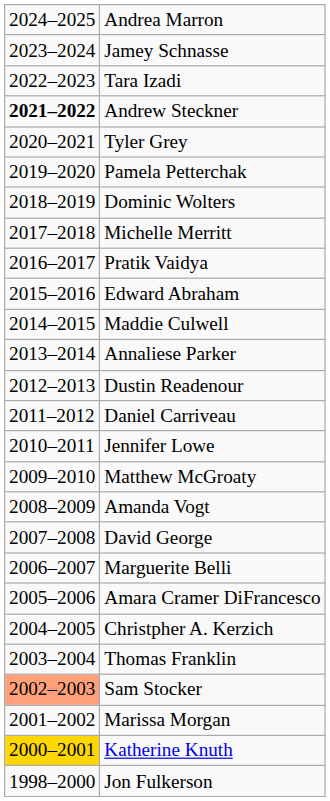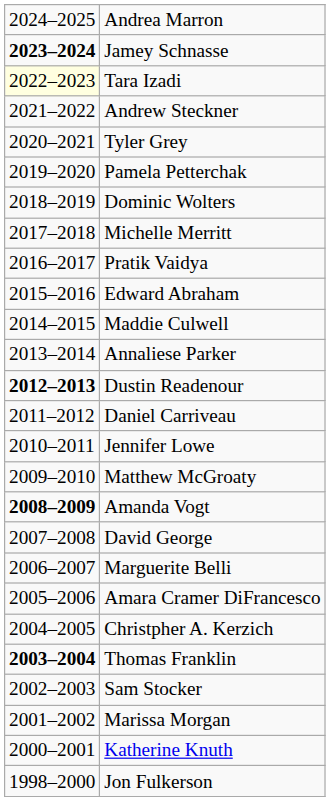 <table class="wikitable">
 <tr>
 <td>2024–2025</td>
 <td>Andrea Marron</td>
 </tr>
 <tr>
-<td>2023–2024</td>
+<td><strong>2023–2024</strong></td>
 <td>Jamey Schnasse</td>
 </tr>
 <tr>
-<td>2022–2023</td>
+<td style="background: lightyellow;">2022–2023</td>
 <td>Tara Izadi</td>
 </tr>
 <tr>
-<td><strong>2021–2022</strong></td>
+<td>2021–2022</td>
 <td>Andrew Steckner</td>
 </tr>
 <tr>
 <td>2020–2021</td>
 <td>Tyler Grey</td>
 </tr>
 <tr>
 <td>2019–2020</td>
 <td>Pamela Petterchak</td>
 </tr>
 <tr>
 <td>2018–2019</td>
 <td>Dominic Wolters</td>
 </tr>
 <tr>
 <td>2017–2018</td>
 <td>Michelle Merritt</td>
 </tr>
 <tr>
 <td>2016–2017</td>
 <td>Pratik Vaidya</td>
 </tr>
 <tr>
 <td>2015–2016</td>
 <td>Edward Abraham</td>
 </tr>
 <tr>
 <td>2014–2015</td>
 <td>Maddie Culwell</td>
 </tr>
 <tr>
 <td>2013–2014</td>
 <td>Annaliese Parker</td>
 </tr>
 <tr>
-<td>2012–2013</td>
+<td><strong>2012–2013</strong></td>
 <td>Dustin Readenour</td>
 </tr>
 <tr>
 <td>2011–2012</td>
 <td>Daniel Carriveau</td>
 </tr>
 <tr>
 <td>2010–2011</td>
 <td>Jennifer Lowe</td>
 </tr>
 <tr>
 <td>2009–2010</td>
 <td>Matthew McGroaty</td>
 </tr>
 <tr>
-<td>2008–2009</td>
+<td><strong>2008–2009</strong></td>
 <td>Amanda Vogt</td>
 </tr>
 <tr>
 <td>2007–2008</td>
 <td>David George</td>
 </tr>
 <tr>
 <td>2006–2007</td>
 <td>Marguerite Belli</td>
 </tr>
 <tr>
 <td>2005–2006</td>
 <td>Amara Cramer DiFrancesco</td>
 </tr>
 <tr>
 <td>2004–2005</td>
 <td>Christpher A. Kerzich</td>
 </tr>
 <tr>
-<td>2003–2004</td>
+<td><strong>2003–2004</strong></td>
 <td>Thomas Franklin</td>
 </tr>
 <tr>
-<td style="background: lightsalmon;">2002–2003</td>
+<td>2002–2003</td>
 <td>Sam Stocker</td>
 </tr>
 <tr>
 <td>2001–2002</td>
 <td>Marissa Morgan</td>
 </tr>
 <tr>
-<td style="background: gold;">2000–2001</td>
+<td>2000–2001</td>
 <td><a href='#'>Katherine Knuth</a></td>
 </tr>
 <tr>
 <td>1998–2000</td>
 <td>Jon Fulkerson</td>
 </tr>
 </table>
